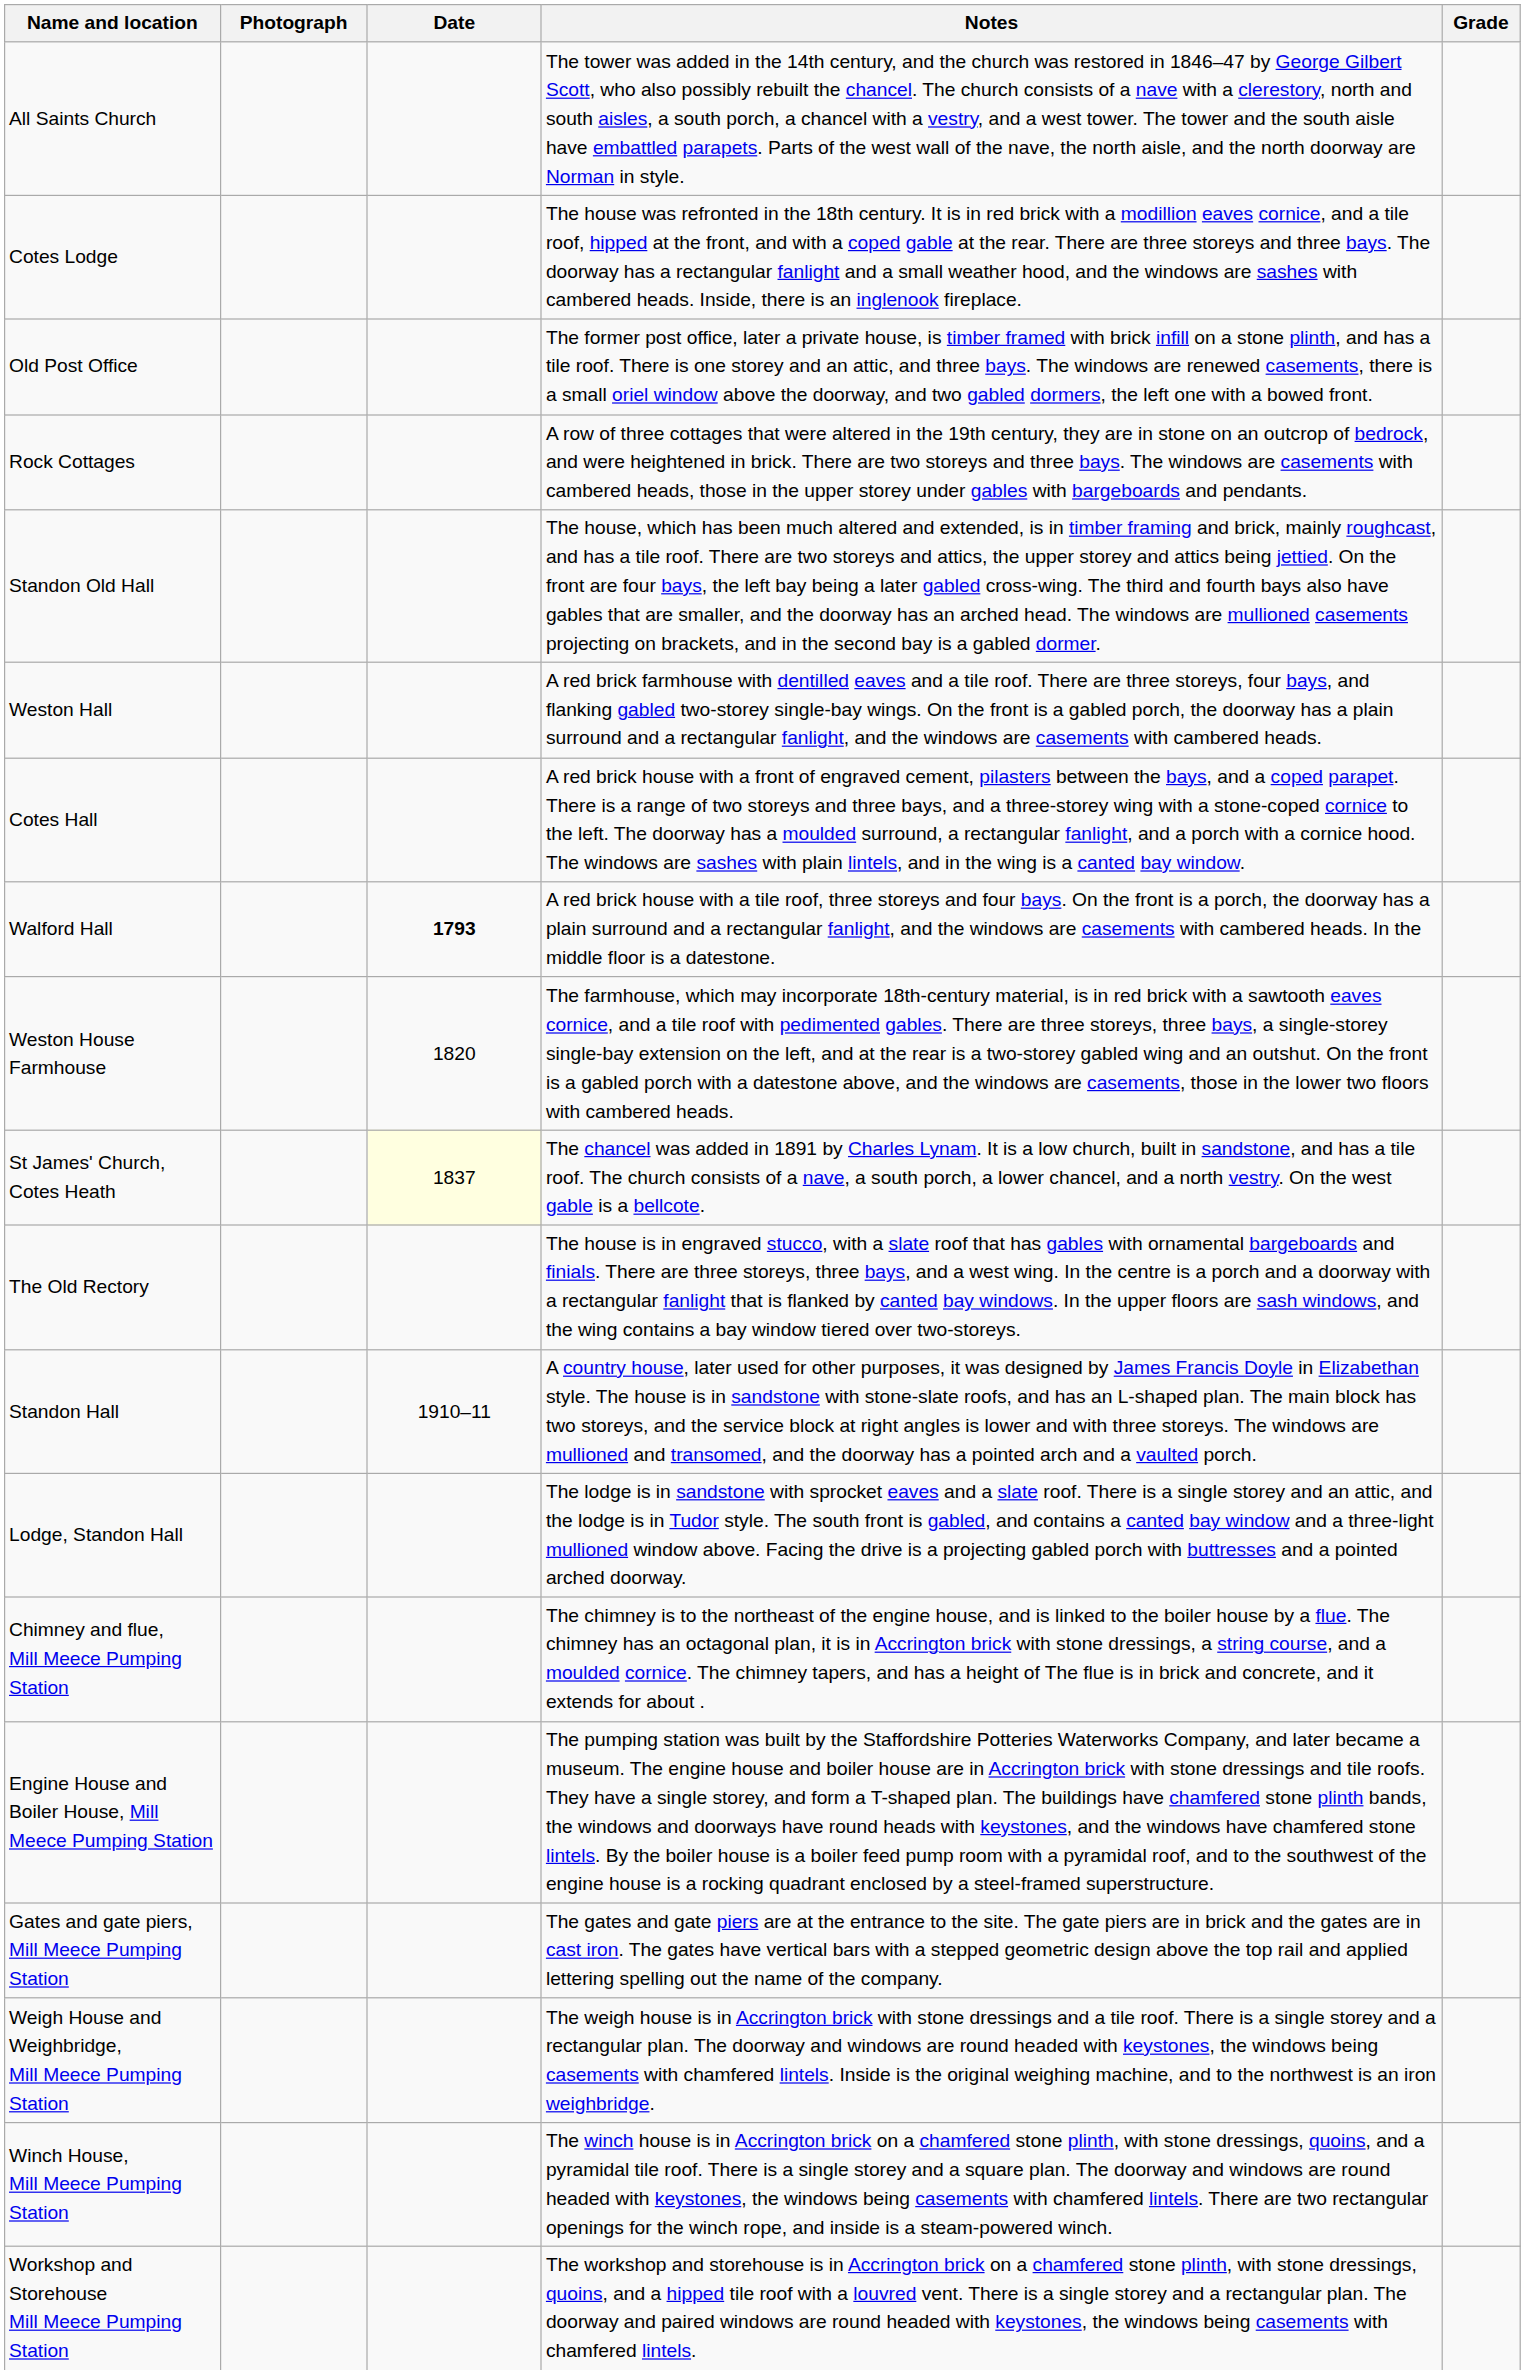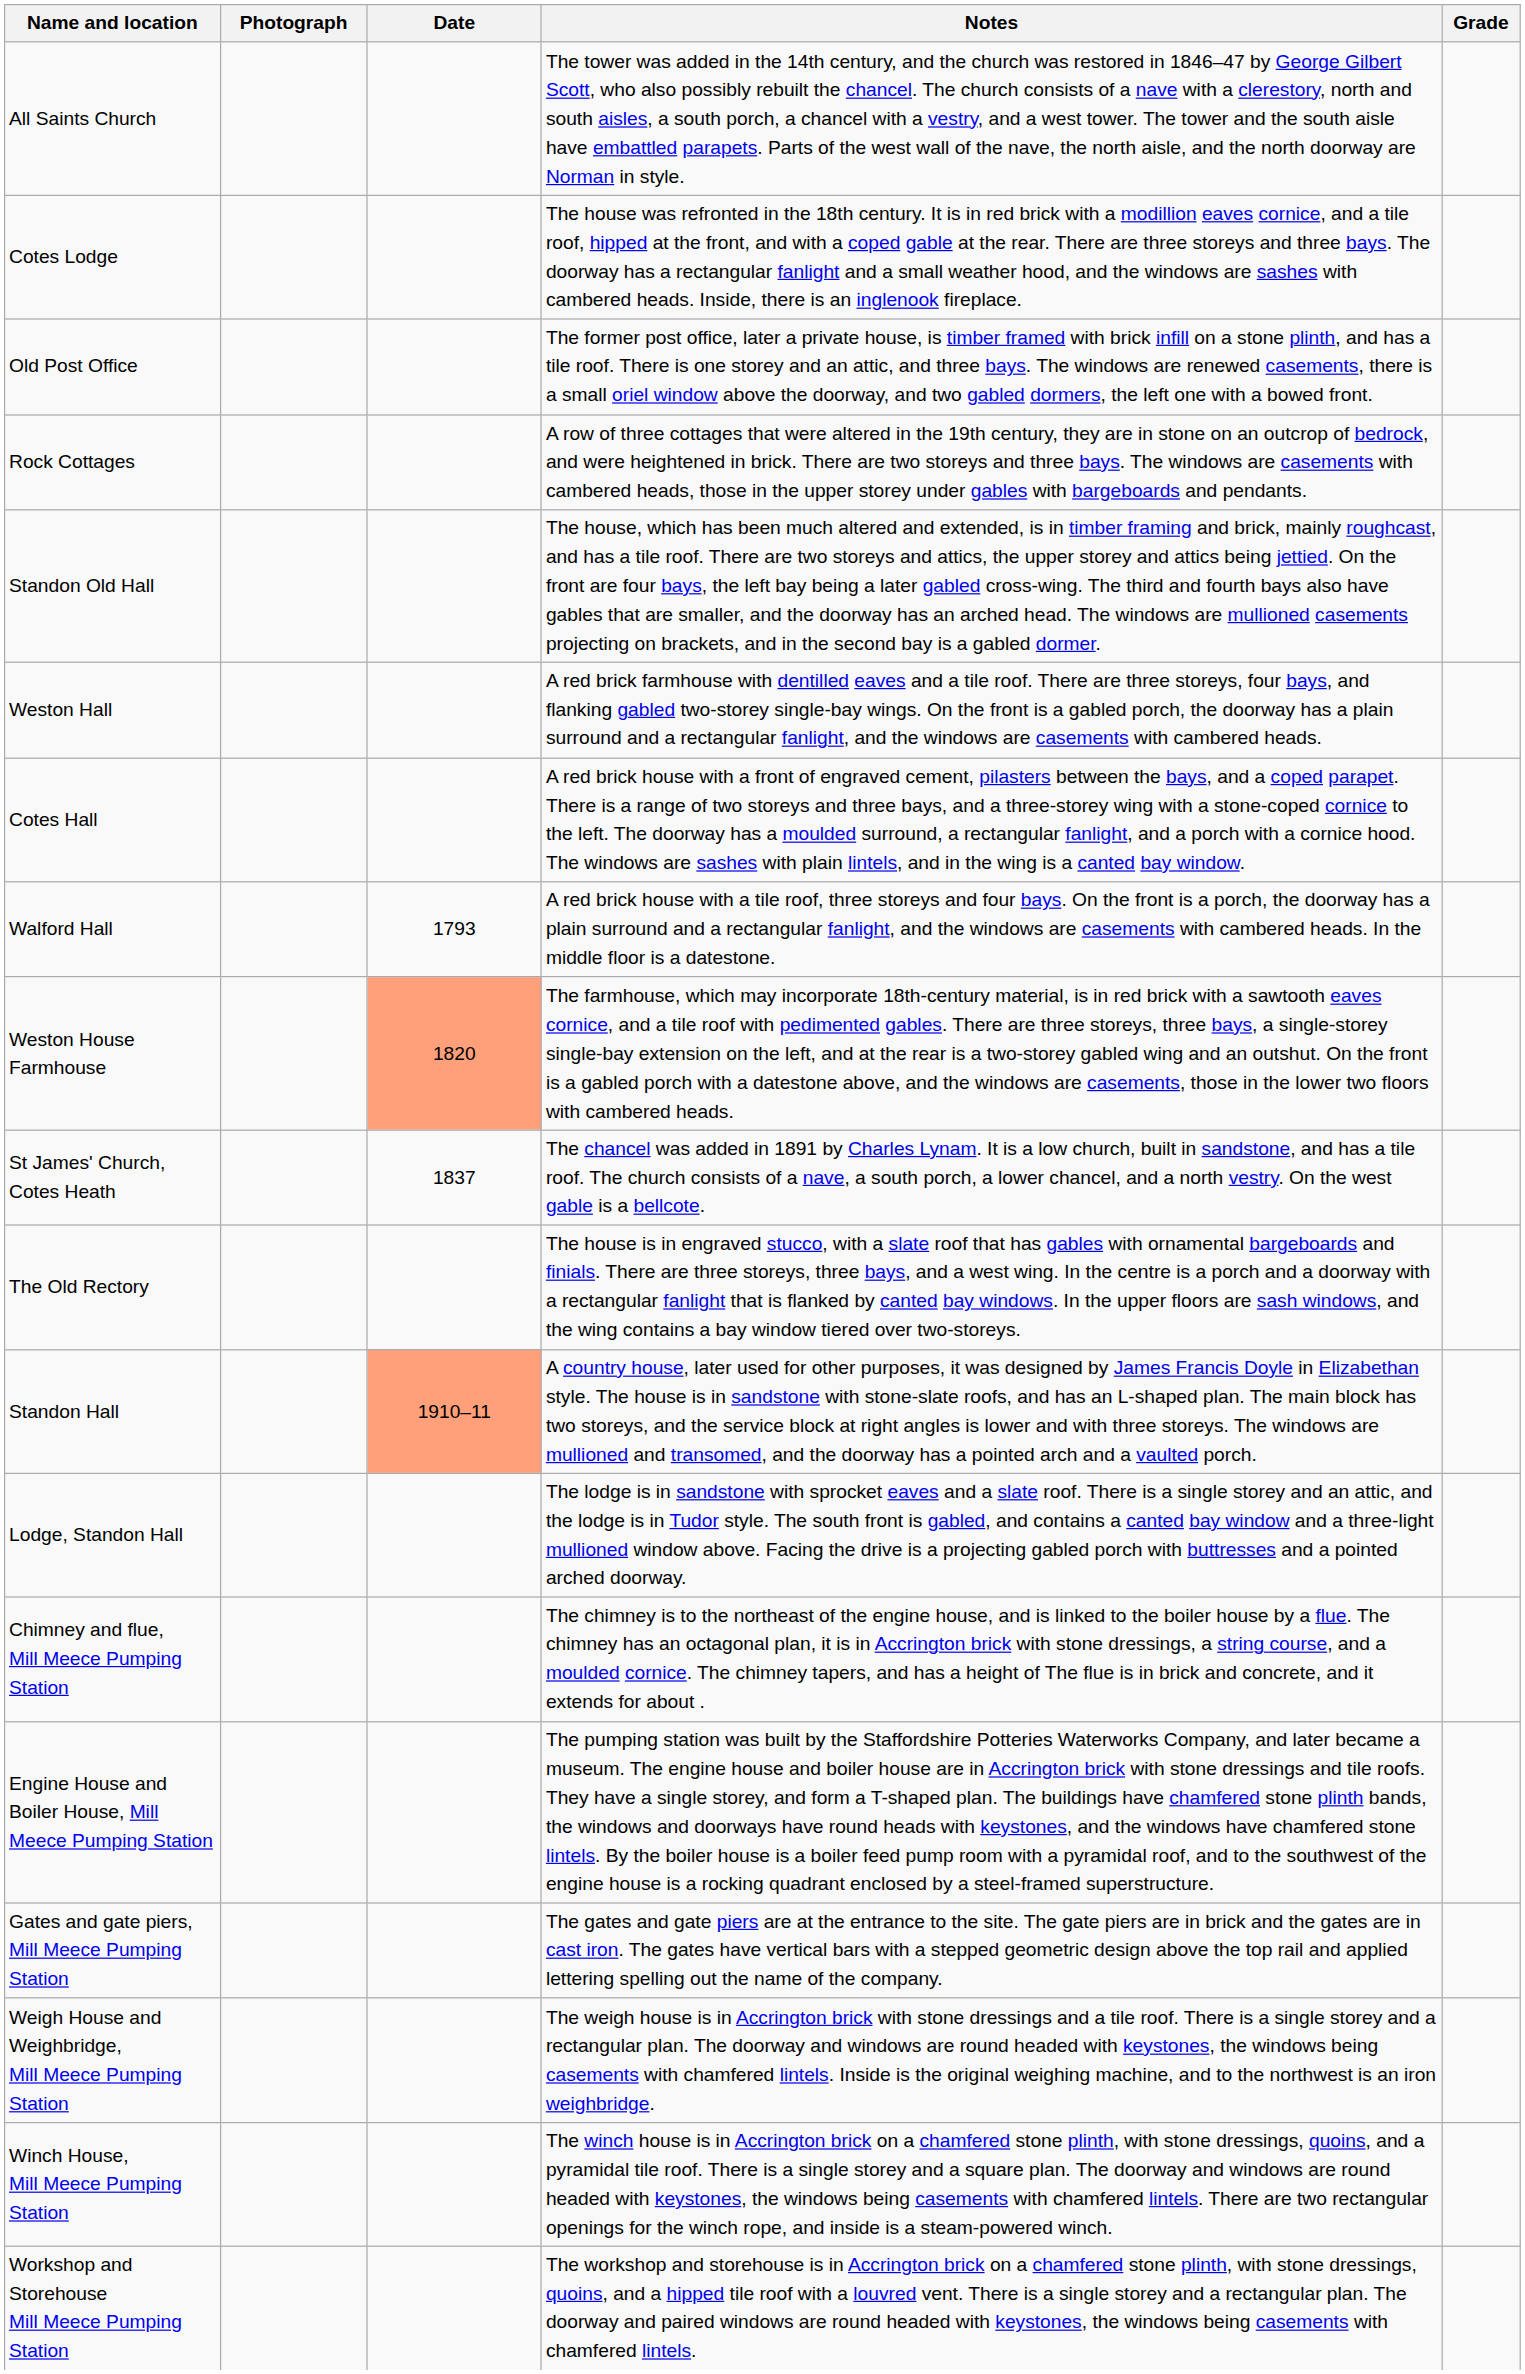 <table class="wikitable sortable plainrowheaders" style="width:100%; border:0; text-align:left; line-height:150%;">
 <tr>
 <th scope="col"  style="width:150px">Name and location</th>
 <th scope="col"  style="width:100px" class="unsortable">Photograph</th>
 <th scope="col"  style="width:120px">Date</th>
 <th scope="col"  style="width:650px" class="unsortable">Notes</th>
 <th scope="col"  style="width:50px">Grade</th>
 </tr>
 <tr>
 <td>All Saints Church<br><small></small></td>
 <td></td>
 <td align="center"></td>
 <td>The tower was added in the 14th century, and the church was restored in 1846–47 by <a href='#'>George Gilbert Scott</a>, who also possibly rebuilt the <a href='#'>chancel</a>.  The church consists of a <a href='#'>nave</a> with a <a href='#'>clerestory</a>, north and south <a href='#'>aisles</a>, a south porch, a chancel with a <a href='#'>vestry</a>, and a west tower.  The tower and the south aisle have <a href='#'>embattled</a> <a href='#'>parapets</a>.  Parts of the west wall of the nave, the north aisle, and the north doorway are <a href='#'>Norman</a> in style.</td>
 <td align="center" ></td>
 </tr>
 <tr>
 <td>Cotes Lodge<br><small></small></td>
 <td></td>
 <td align="center"></td>
 <td>The house was refronted in the 18th century.  It is in red brick with a <a href='#'>modillion</a> <a href='#'>eaves</a> <a href='#'>cornice</a>, and a tile roof, <a href='#'>hipped</a> at the front, and with a <a href='#'>coped</a> <a href='#'>gable</a> at the rear.  There are three storeys and three <a href='#'>bays</a>.  The doorway has a rectangular <a href='#'>fanlight</a> and a small weather hood, and the windows are <a href='#'>sashes</a> with cambered heads.  Inside, there is an <a href='#'>inglenook</a> fireplace.</td>
 <td align="center" ></td>
 </tr>
 <tr>
 <td>Old Post Office<br><small></small></td>
 <td></td>
 <td align="center"></td>
 <td>The former post office, later a private house, is <a href='#'>timber framed</a> with brick <a href='#'>infill</a> on a stone <a href='#'>plinth</a>, and has a tile roof.  There is one storey and an attic, and three <a href='#'>bays</a>.  The windows are renewed <a href='#'>casements</a>, there is a small <a href='#'>oriel window</a> above the doorway, and two <a href='#'>gabled</a> <a href='#'>dormers</a>, the left one with a bowed front.</td>
 <td align="center" ></td>
 </tr>
 <tr>
 <td>Rock Cottages<br><small></small></td>
 <td></td>
 <td align="center"></td>
 <td>A row of three cottages that were altered in the 19th century, they are in stone on an outcrop of <a href='#'>bedrock</a>, and were heightened in brick.  There are two storeys and three <a href='#'>bays</a>.  The windows are <a href='#'>casements</a> with cambered heads, those in the upper storey under <a href='#'>gables</a> with <a href='#'>bargeboards</a> and pendants.</td>
 <td align="center" ></td>
 </tr>
 <tr>
 <td>Standon Old Hall<br><small></small></td>
 <td></td>
 <td align="center"></td>
 <td>The house, which has been much altered and extended, is in <a href='#'>timber framing</a> and brick, mainly <a href='#'>roughcast</a>, and has a tile roof.  There are two storeys and attics, the upper storey and attics being <a href='#'>jettied</a>.  On the front are four <a href='#'>bays</a>, the left bay being a later <a href='#'>gabled</a> cross-wing.  The third and fourth bays also have gables that are smaller, and the doorway has an arched head.  The windows are <a href='#'>mullioned</a> <a href='#'>casements</a> projecting on brackets, and in the second bay is a gabled <a href='#'>dormer</a>.</td>
 <td align="center" ></td>
 </tr>
 <tr>
 <td>Weston Hall<br><small></small></td>
 <td></td>
 <td align="center"></td>
 <td>A red brick farmhouse with <a href='#'>dentilled</a> <a href='#'>eaves</a> and a tile roof.  There are three storeys, four <a href='#'>bays</a>, and flanking <a href='#'>gabled</a> two-storey single-bay wings.  On the front is a gabled porch, the doorway has a plain surround and a rectangular <a href='#'>fanlight</a>, and the windows are <a href='#'>casements</a> with cambered heads.</td>
 <td align="center" ></td>
 </tr>
 <tr>
 <td>Cotes Hall<br><small></small></td>
 <td></td>
 <td align="center"></td>
 <td>A red brick house with a front of engraved cement, <a href='#'>pilasters</a> between the <a href='#'>bays</a>, and a <a href='#'>coped</a> <a href='#'>parapet</a>.  There is a range of two storeys and three bays, and a three-storey wing with a stone-coped <a href='#'>cornice</a> to the left.  The doorway has a <a href='#'>moulded</a> surround, a rectangular <a href='#'>fanlight</a>, and a porch with a cornice hood.  The windows are <a href='#'>sashes</a> with plain <a href='#'>lintels</a>, and in the wing is a <a href='#'>canted</a> <a href='#'>bay window</a>.</td>
 <td align="center" ></td>
 </tr>
 <tr>
 <td>Walford Hall<br><small></small></td>
 <td></td>
-<td align="center"><strong>1793</strong></td>
+<td align="center">1793</td>
 <td>A red brick house with a tile roof, three storeys and four <a href='#'>bays</a>.  On the front is a porch, the doorway has a plain surround and a rectangular <a href='#'>fanlight</a>, and the windows are <a href='#'>casements</a> with cambered heads.  In the middle floor is a datestone.</td>
 <td align="center" ></td>
 </tr>
 <tr>
 <td>Weston House Farmhouse<br><small></small></td>
 <td></td>
-<td align="center">1820</td>
+<td align="center" style="background: lightsalmon;">1820</td>
 <td>The farmhouse, which may incorporate 18th-century material, is in red brick with a sawtooth <a href='#'>eaves</a> <a href='#'>cornice</a>, and a tile roof with <a href='#'>pedimented</a> <a href='#'>gables</a>.  There are three storeys, three <a href='#'>bays</a>, a single-storey single-bay extension on the left, and at the rear is a two-storey gabled wing and an outshut.  On the front is a gabled porch with a datestone above, and the windows are <a href='#'>casements</a>, those in the lower two floors with cambered heads.</td>
 <td align="center" ></td>
 </tr>
 <tr>
 <td>St James' Church, Cotes Heath<br><small></small></td>
 <td></td>
-<td align="center" style="background: lightyellow;">1837</td>
+<td align="center">1837</td>
 <td>The <a href='#'>chancel</a> was added in 1891 by <a href='#'>Charles Lynam</a>.  It is a low church, built in <a href='#'>sandstone</a>, and has a tile roof.  The church consists of a <a href='#'>nave</a>, a south porch, a lower chancel, and a north <a href='#'>vestry</a>.  On the west <a href='#'>gable</a> is a <a href='#'>bellcote</a>.</td>
 <td align="center" ></td>
 </tr>
 <tr>
 <td>The Old Rectory<br><small></small></td>
 <td></td>
 <td align="center"></td>
 <td>The house is in engraved <a href='#'>stucco</a>, with a <a href='#'>slate</a> roof that has <a href='#'>gables</a> with ornamental <a href='#'>bargeboards</a> and <a href='#'>finials</a>.  There are three storeys, three <a href='#'>bays</a>, and a west wing.  In the centre is a porch and a doorway with a rectangular <a href='#'>fanlight</a> that is flanked by <a href='#'>canted</a> <a href='#'>bay windows</a>.  In the upper floors are <a href='#'>sash windows</a>, and the wing contains a bay window tiered over two-storeys.</td>
 <td align="center" ></td>
 </tr>
 <tr>
 <td>Standon Hall<br><small></small></td>
 <td></td>
-<td align="center">1910–11</td>
+<td align="center" style="background: lightsalmon;">1910–11</td>
 <td>A <a href='#'>country house</a>, later used for other purposes, it was designed by <a href='#'>James Francis Doyle</a> in <a href='#'>Elizabethan</a> style.  The house is in <a href='#'>sandstone</a> with stone-slate roofs, and has an L-shaped plan.  The main block has two storeys, and the service block at right angles is lower and with three storeys.  The windows are <a href='#'>mullioned</a> and <a href='#'>transomed</a>, and the doorway has a pointed arch and a <a href='#'>vaulted</a> porch.</td>
 <td align="center" ></td>
 </tr>
 <tr>
 <td>Lodge, Standon Hall<br><small></small></td>
 <td></td>
 <td align="center"></td>
 <td>The lodge is in <a href='#'>sandstone</a> with sprocket <a href='#'>eaves</a> and a <a href='#'>slate</a> roof.  There is a single storey and an attic, and the lodge is in <a href='#'>Tudor</a> style.  The south front is <a href='#'>gabled</a>, and contains a <a href='#'>canted</a> <a href='#'>bay window</a> and a three-light <a href='#'>mullioned</a> window above.  Facing the drive is a projecting gabled porch with <a href='#'>buttresses</a> and a pointed arched doorway.</td>
 <td align="center" ></td>
 </tr>
 <tr>
 <td>Chimney and flue,<br><a href='#'>Mill Meece Pumping Station</a><br><small></small></td>
 <td></td>
 <td align="center"></td>
 <td>The chimney is to the northeast of the engine house, and is linked to the boiler house by a <a href='#'>flue</a>.  The chimney has an octagonal plan, it is in <a href='#'>Accrington brick</a> with stone dressings, a <a href='#'>string course</a>, and a <a href='#'>moulded</a> <a href='#'>cornice</a>.  The chimney tapers, and has a height of   The flue is in brick and concrete, and it extends for about .</td>
 <td align="center" ></td>
 </tr>
 <tr>
 <td>Engine House and Boiler House, <a href='#'>Mill Meece Pumping Station</a><br><small></small></td>
 <td></td>
 <td align="center"></td>
 <td>The pumping station was built by the Staffordshire Potteries Waterworks Company, and later became a museum.  The engine house and boiler house are in <a href='#'>Accrington brick</a> with stone dressings and tile roofs.  They have a single storey, and form a T-shaped plan.  The buildings have <a href='#'>chamfered</a> stone <a href='#'>plinth</a> bands, the windows and doorways have round heads with <a href='#'>keystones</a>, and the windows have chamfered stone <a href='#'>lintels</a>.  By the boiler house is a boiler feed pump room with a pyramidal roof, and to the southwest of the engine house is a rocking quadrant enclosed by a steel-framed superstructure.</td>
 <td align="center" ></td>
 </tr>
 <tr>
 <td>Gates and gate piers,<br><a href='#'>Mill Meece Pumping Station</a><br><small></small></td>
 <td></td>
 <td align="center"></td>
 <td>The gates and gate <a href='#'>piers</a> are at the entrance to the site.  The gate piers are in brick and the gates are in <a href='#'>cast iron</a>.  The gates have vertical bars with a stepped geometric design above the top rail and applied lettering spelling out the name of the company.</td>
 <td align="center" ></td>
 </tr>
 <tr>
 <td>Weigh House and Weighbridge,<br><a href='#'>Mill Meece Pumping Station</a><br><small></small></td>
 <td></td>
 <td align="center"></td>
 <td>The weigh house is in <a href='#'>Accrington brick</a> with stone dressings and a tile roof.  There is a single storey and a rectangular plan. The doorway and windows are round headed with <a href='#'>keystones</a>, the windows being <a href='#'>casements</a> with chamfered <a href='#'>lintels</a>.  Inside is the original weighing machine, and to the northwest is an iron <a href='#'>weighbridge</a>.</td>
 <td align="center" ></td>
 </tr>
 <tr>
 <td>Winch House,<br><a href='#'>Mill Meece Pumping Station</a><br><small></small></td>
 <td></td>
 <td align="center"></td>
 <td>The <a href='#'>winch</a> house is in <a href='#'>Accrington brick</a> on a <a href='#'>chamfered</a> stone <a href='#'>plinth</a>, with stone dressings, <a href='#'>quoins</a>, and a pyramidal tile roof.  There is a single storey and a square plan.  The doorway and windows are round headed with <a href='#'>keystones</a>, the windows being <a href='#'>casements</a> with chamfered <a href='#'>lintels</a>.  There are two rectangular openings for the winch rope, and inside is a steam-powered winch.</td>
 <td align="center" ></td>
 </tr>
 <tr>
 <td>Workshop and Storehouse<br><a href='#'>Mill Meece Pumping Station</a><br><small></small></td>
 <td></td>
 <td align="center"></td>
 <td>The workshop and storehouse is in <a href='#'>Accrington brick</a> on a <a href='#'>chamfered</a> stone <a href='#'>plinth</a>, with stone dressings, <a href='#'>quoins</a>, and a <a href='#'>hipped</a> tile roof with a <a href='#'>louvred</a> vent.  There is a single storey and a rectangular plan.  The doorway and paired windows are round headed with <a href='#'>keystones</a>, the windows being <a href='#'>casements</a> with chamfered <a href='#'>lintels</a>.</td>
 <td align="center" ></td>
 </tr>
 <tr>
 </tr>
 </table>
